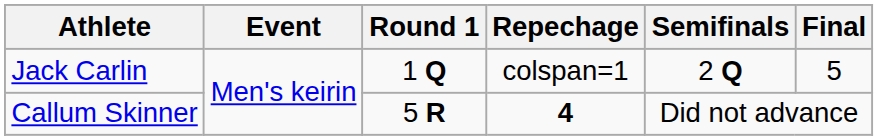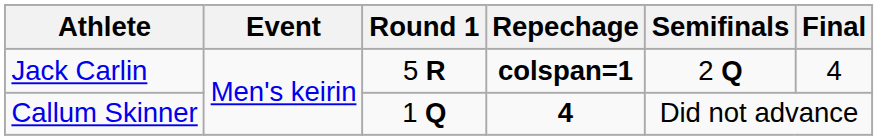 <table class="wikitable" style="font-size:90%;">
 <tr>
 <th>Athlete</th>
 <th>Event</th>
 <th>Round 1</th>
 <th>Repechage</th>
 <th>Semifinals</th>
 <th>Final</th>
 </tr>
 <tr align=center>
 <td align=left><a href='#'>Jack Carlin</a></td>
 <td style="text-align:left;" rowspan="2"><a href='#'>Men's keirin</a></td>
-<td>1 <strong>Q</strong></td>
-<td>colspan=1 </td>
+<td>5 <strong>R</strong></td>
+<td><strong>colspan=1 </strong></td>
 <td>2 <strong>Q</strong></td>
-<td>5</td>
+<td>4</td>
 </tr>
 <tr align=center>
 <td align=left><a href='#'>Callum Skinner</a></td>
-<td>5 <strong>R</strong></td>
+<td>1 <strong>Q</strong></td>
 <td><strong>4</strong></td>
 <td colspan=3>Did not advance</td>
 </tr>
 </table>
